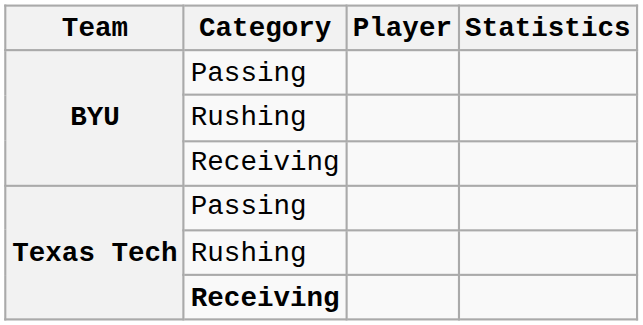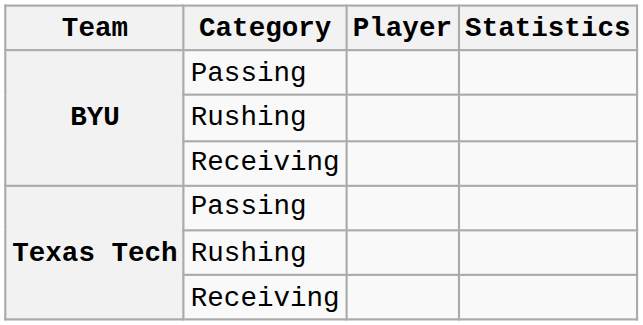 <table class="wikitable" style="float:right">
 <tr>
 <th>Team</th>
 <th>Category</th>
 <th>Player</th>
 <th>Statistics</th>
 </tr>
 <tr>
 <th rowspan=3>BYU</th>
 <td>Passing</td>
 <td></td>
 <td></td>
 </tr>
 <tr>
 <td>Rushing</td>
 <td></td>
 <td></td>
 </tr>
 <tr>
 <td>Receiving</td>
 <td></td>
 <td></td>
 </tr>
 <tr>
 <th rowspan=3>Texas Tech</th>
 <td>Passing</td>
 <td></td>
 <td></td>
 </tr>
 <tr>
 <td>Rushing</td>
 <td></td>
 <td></td>
 </tr>
 <tr>
-<td><strong>Receiving</strong></td>
+<td>Receiving</td>
 <td></td>
 <td></td>
 </tr>
 </table>
